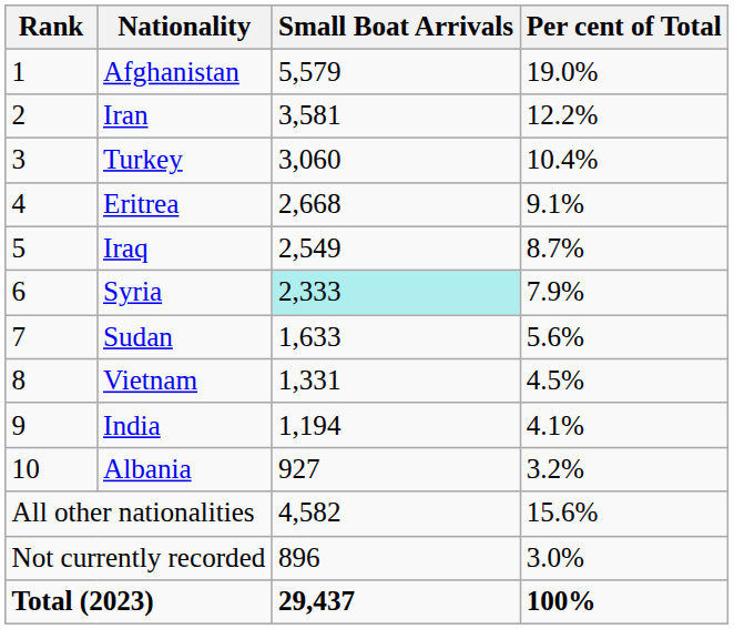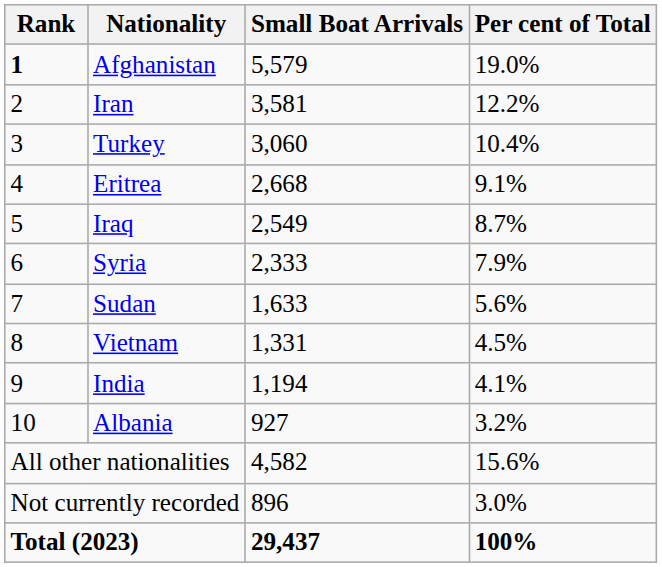 <table class="wikitable sortable">
 <tr>
 <th>Rank</th>
 <th>Nationality</th>
 <th>Small Boat Arrivals</th>
 <th>Per cent of Total</th>
 </tr>
 <tr>
-<td>1</td>
+<td><strong>1</strong></td>
 <td> <a href='#'>Afghanistan</a></td>
 <td>5,579</td>
 <td>19.0%</td>
 </tr>
 <tr>
 <td>2</td>
 <td> <a href='#'>Iran</a></td>
 <td>3,581</td>
 <td>12.2%</td>
 </tr>
 <tr>
 <td>3</td>
 <td> <a href='#'>Turkey</a></td>
 <td>3,060</td>
 <td>10.4%</td>
 </tr>
 <tr>
 <td>4</td>
 <td> <a href='#'>Eritrea</a></td>
 <td>2,668</td>
 <td>9.1%</td>
 </tr>
 <tr>
 <td>5</td>
 <td> <a href='#'>Iraq</a></td>
 <td>2,549</td>
 <td>8.7%</td>
 </tr>
 <tr>
 <td>6</td>
 <td> <a href='#'>Syria</a></td>
-<td style="background: paleturquoise;">2,333</td>
+<td>2,333</td>
 <td>7.9%</td>
 </tr>
 <tr>
 <td>7</td>
 <td> <a href='#'>Sudan</a></td>
 <td>1,633</td>
 <td>5.6%</td>
 </tr>
 <tr>
 <td>8</td>
 <td> <a href='#'>Vietnam</a></td>
 <td>1,331</td>
 <td>4.5%</td>
 </tr>
 <tr>
 <td>9</td>
 <td> <a href='#'>India</a></td>
 <td>1,194</td>
 <td>4.1%</td>
 </tr>
 <tr>
 <td>10</td>
 <td> <a href='#'>Albania</a></td>
 <td>927</td>
 <td>3.2%</td>
 </tr>
 <tr>
 <td colspan="2">All other nationalities</td>
 <td>4,582</td>
 <td>15.6%</td>
 </tr>
 <tr>
 <td colspan="2">Not currently recorded</td>
 <td>896</td>
 <td>3.0%</td>
 </tr>
 <tr>
 <td colspan="2"><strong>Total (2023)</strong></td>
 <td><strong>29,437</strong></td>
 <td><strong>100%</strong></td>
 </tr>
 </table>
